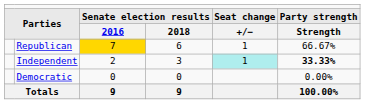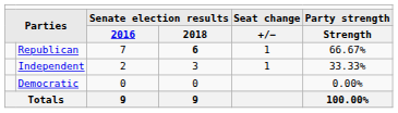 <table class   ="wikitable">
 <tr>
 <td colspan="6"></td>
 </tr>
 <tr>
 <th style   ="background:#e9e9e9; text-align:center" rowspan="2" colspan="2">Parties</th>
 <th style   ="background:#e9e9e9; text-align:center" colspan="2">Senate election results</th>
 <th style   ="background:#e9e9e9; text-align:center" colspan="1">Seat change</th>
 <th style   ="background:#e9e9e9; text-align:center" colspan="1">Party strength</th>
 </tr>
 <tr style ="background:#e9e9e9">
 <th><a href='#'>2016</a></th>
 <th>2018</th>
 <th>+/−</th>
 <th>Strength</th>
 </tr>
 <tr>
 <td style="background-color:"> </td>
 <td><a href='#'>Republican</a></td>
-<td align = center style="background: gold;">7</td>
-<td align = center>6</td>
+<td align = center>7</td>
+<td align = center><strong>6</strong></td>
 <td align = center>1 </td>
 <td align = center>66.67%</td>
 </tr>
 <tr>
 <td style="background-color:"> </td>
 <td><a href='#'>Independent</a></td>
 <td align = center>2</td>
 <td align = center>3</td>
-<td align = center style="background: paleturquoise;">1 </td>
-<td align = center><strong>33.33%</strong></td>
+<td align = center>1 </td>
+<td align = center>33.33%</td>
 </tr>
 <tr>
 <td style="background-color:"> </td>
 <td><a href='#'>Democratic</a></td>
 <td align = center>0</td>
 <td align = center>0</td>
 <td align = center></td>
 <td align = center>0.00%</td>
 </tr>
 <tr style = "background:#ccc">
 <th colspan = "2">Totals</th>
 <th>9</th>
 <th>9</th>
 <th></th>
 <th>100.00%</th>
 </tr>
 </table>
